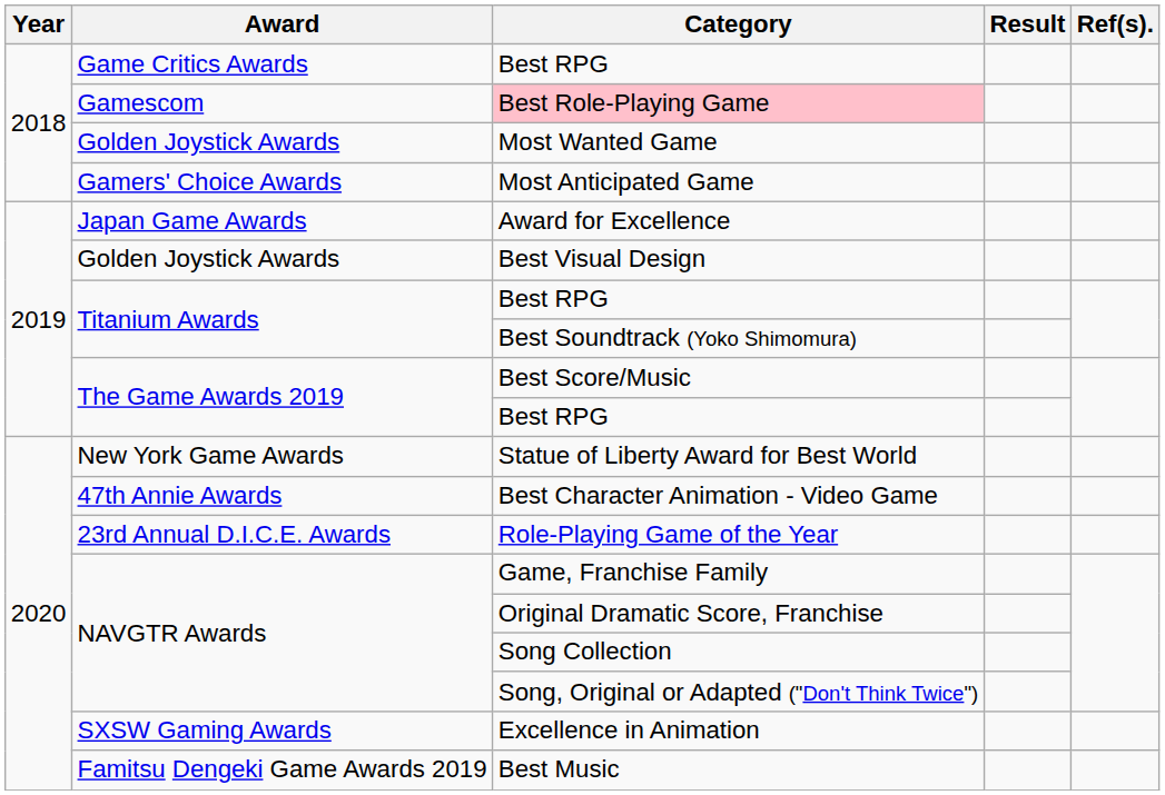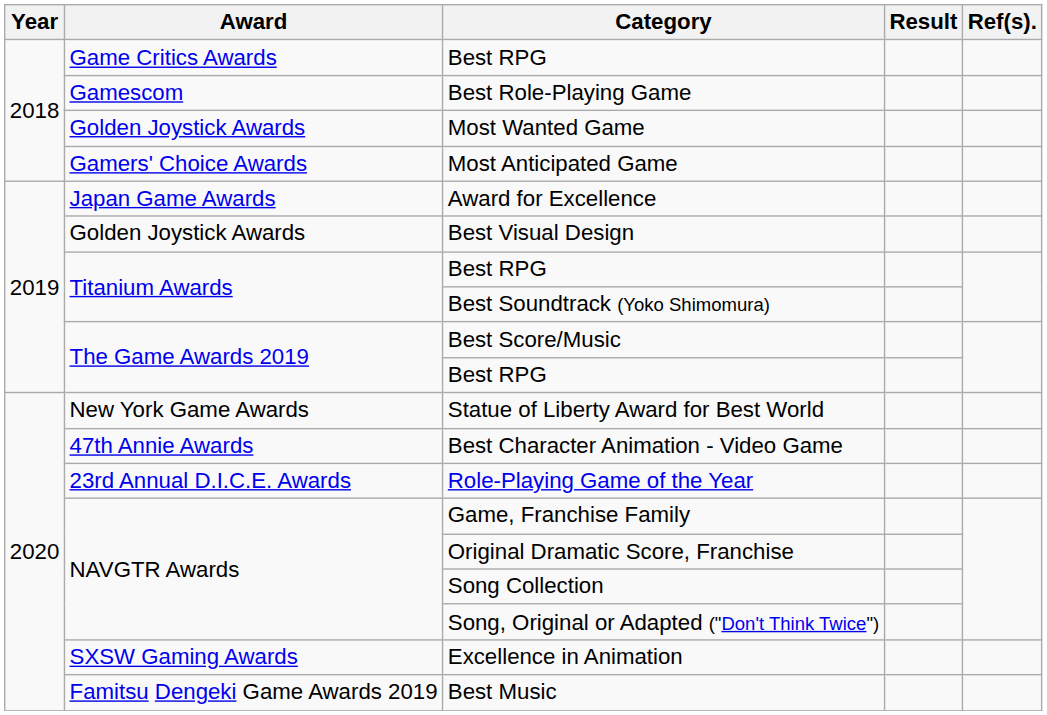 <table class="wikitable sortable">
 <tr>
 <th>Year</th>
 <th>Award</th>
 <th>Category</th>
 <th>Result</th>
 <th>Ref(s).</th>
 </tr>
 <tr>
 <td style="text-align:center;" rowspan="4">2018</td>
 <td><a href='#'>Game Critics Awards</a></td>
 <td>Best RPG</td>
 <td></td>
 <td style="text-align:center;"></td>
 </tr>
 <tr>
 <td><a href='#'>Gamescom</a></td>
-<td style="background: pink;">Best Role-Playing Game</td>
+<td>Best Role-Playing Game</td>
 <td></td>
 <td style="text-align:center;"></td>
 </tr>
 <tr>
 <td><a href='#'>Golden Joystick Awards</a></td>
 <td>Most Wanted Game</td>
 <td></td>
 <td style="text-align:center;"></td>
 </tr>
 <tr>
 <td><a href='#'>Gamers' Choice Awards</a></td>
 <td>Most Anticipated Game</td>
 <td></td>
 <td style="text-align:center;"></td>
 </tr>
 <tr>
 <td style="text-align:center;" rowspan="6">2019</td>
 <td><a href='#'>Japan Game Awards</a></td>
 <td>Award for Excellence</td>
 <td></td>
 <td style="text-align:center;"></td>
 </tr>
 <tr>
 <td>Golden Joystick Awards</td>
 <td>Best Visual Design</td>
 <td></td>
 <td style="text-align:center;"></td>
 </tr>
 <tr>
 <td rowspan="2"><a href='#'>Titanium Awards</a></td>
 <td>Best RPG</td>
 <td></td>
 <td rowspan="2" style="text-align:center;"></td>
 </tr>
 <tr>
 <td>Best Soundtrack <small>(Yoko Shimomura)</small></td>
 <td></td>
 </tr>
 <tr>
 <td rowspan="2"><a href='#'>The Game Awards 2019</a></td>
 <td>Best Score/Music</td>
 <td></td>
 <td rowspan="2" style="text-align:center;"></td>
 </tr>
 <tr>
 <td>Best RPG</td>
 <td></td>
 </tr>
 <tr>
 <td style="text-align:center;" rowspan="9">2020</td>
 <td>New York Game Awards</td>
 <td>Statue of Liberty Award for Best World</td>
 <td></td>
 <td style="text-align:center;"></td>
 </tr>
 <tr>
 <td><a href='#'>47th Annie Awards</a></td>
 <td>Best Character Animation - Video Game</td>
 <td></td>
 <td style="text-align:center;"></td>
 </tr>
 <tr>
 <td><a href='#'>23rd Annual D.I.C.E. Awards</a></td>
 <td><a href='#'>Role-Playing Game of the Year</a></td>
 <td></td>
 <td style="text-align:center;"></td>
 </tr>
 <tr>
 <td rowspan="4">NAVGTR Awards</td>
 <td>Game, Franchise Family</td>
 <td></td>
 <td rowspan="4" style="text-align:center;"></td>
 </tr>
 <tr>
 <td>Original Dramatic Score, Franchise</td>
 <td></td>
 </tr>
 <tr>
 <td>Song Collection</td>
 <td></td>
 </tr>
 <tr>
 <td>Song, Original or Adapted <small>("<a href='#'>Don't Think Twice</a>")</small></td>
 <td></td>
 </tr>
 <tr>
 <td><a href='#'>SXSW Gaming Awards</a></td>
 <td>Excellence in Animation</td>
 <td></td>
 <td style="text-align:center;"></td>
 </tr>
 <tr>
 <td><a href='#'>Famitsu</a> <a href='#'>Dengeki</a> Game Awards 2019</td>
 <td>Best Music</td>
 <td></td>
 <td style="text-align:center;"></td>
 </tr>
 </table>
